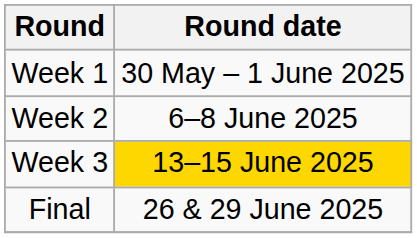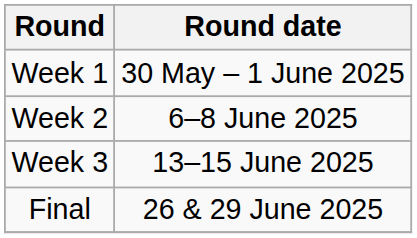 <table class="wikitable" style="text-align:center">
 <tr>
 <th>Round</th>
 <th>Round date</th>
 </tr>
 <tr>
 <td>Week 1</td>
 <td>30 May – 1 June 2025</td>
 </tr>
 <tr>
 <td>Week 2</td>
 <td>6–8 June 2025</td>
 </tr>
 <tr>
 <td>Week 3</td>
-<td style="background: gold;">13–15 June 2025</td>
+<td>13–15 June 2025</td>
 </tr>
 <tr>
 <td>Final</td>
 <td>26 & 29 June 2025</td>
 </tr>
 <tr>
 </tr>
 </table>
